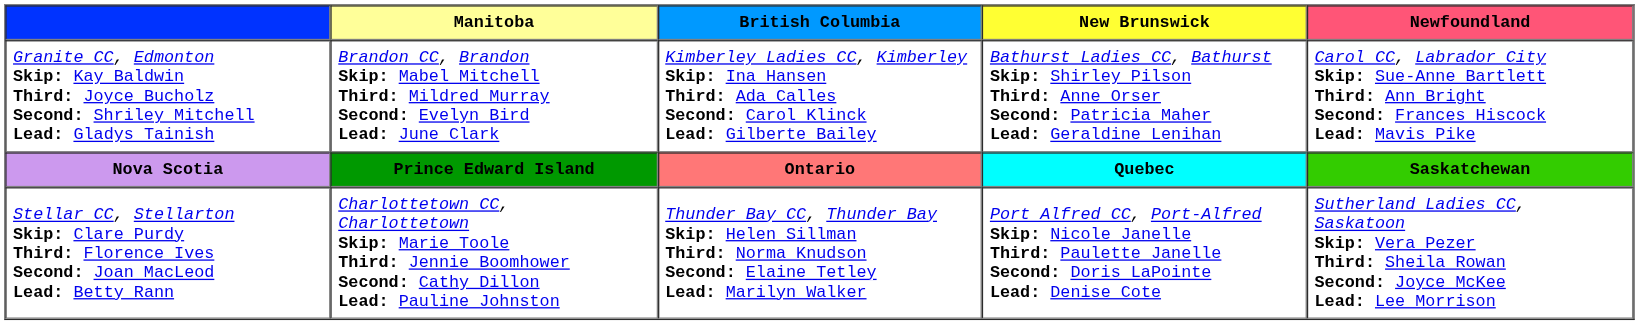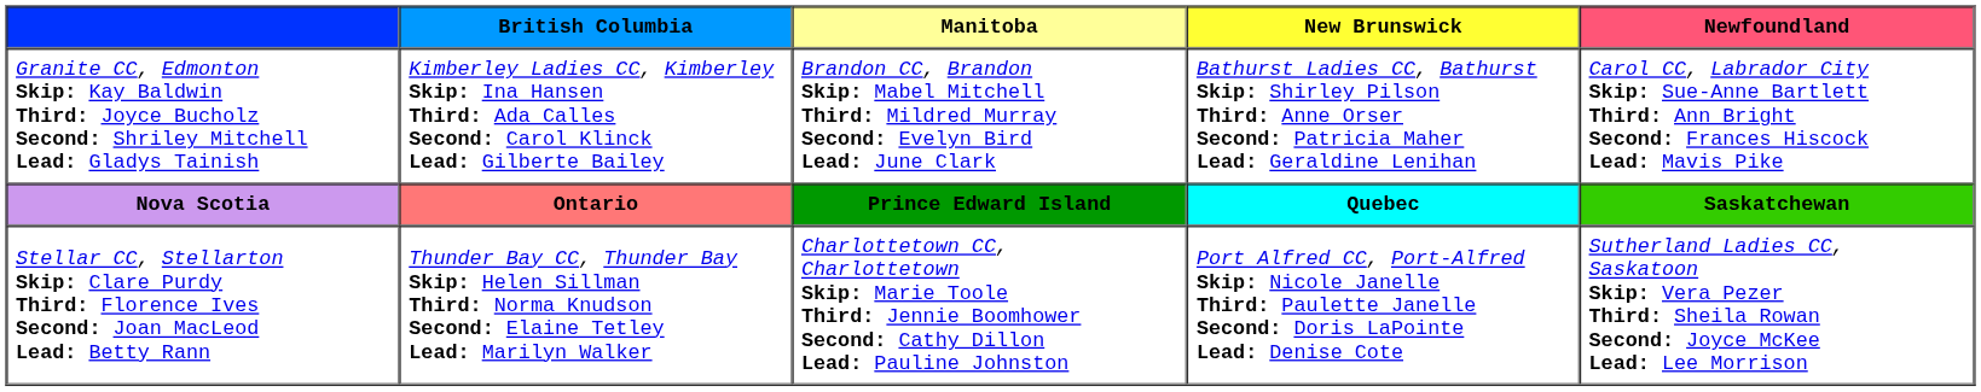 <table border=1 cellpadding=5 cellspacing=0>
 <tr>
 <th bgcolor="#0033ff" width="250"></th>
+<th bgcolor="#0099ff" width="250">British Columbia</th>
 <th bgcolor="#ffff99" width="250">Manitoba</th>
-<th bgcolor="#0099ff" width="250">British Columbia</th>
 <th bgcolor="#ffff33" width="250">New Brunswick</th>
 <th bgcolor="#ff5577" width="250">Newfoundland</th>
 </tr>
 <tr align=center>
 <td align=left><em><a href='#'>Granite CC</a>, <a href='#'>Edmonton</a></em><br><strong>Skip:</strong>  <a href='#'>Kay Baldwin</a><br> <strong>Third:</strong>  <a href='#'>Joyce Bucholz</a> <br> <strong>Second:</strong>  <a href='#'>Shriley Mitchell</a> <br> <strong>Lead:</strong> <a href='#'>Gladys Tainish</a> <br></td>
+<td align=left><em><a href='#'>Kimberley Ladies CC</a>, <a href='#'>Kimberley</a></em><br><strong>Skip:</strong>  <a href='#'>Ina Hansen</a> <br> <strong>Third:</strong> <a href='#'>Ada Calles</a><br> <strong>Second:</strong> <a href='#'>Carol Klinck</a> <br> <strong>Lead:</strong> <a href='#'>Gilberte Bailey</a> <br></td>
 <td align=left><em><a href='#'>Brandon CC</a>, <a href='#'>Brandon</a></em><br><strong>Skip:</strong> <a href='#'>Mabel Mitchell</a> <br> <strong>Third:</strong> <a href='#'>Mildred Murray</a> <br> <strong>Second:</strong> <a href='#'>Evelyn Bird</a> <br> <strong>Lead:</strong> <a href='#'>June Clark</a><br></td>
-<td align=left><em><a href='#'>Kimberley Ladies CC</a>, <a href='#'>Kimberley</a></em><br><strong>Skip:</strong>  <a href='#'>Ina Hansen</a> <br> <strong>Third:</strong> <a href='#'>Ada Calles</a><br> <strong>Second:</strong> <a href='#'>Carol Klinck</a> <br> <strong>Lead:</strong> <a href='#'>Gilberte Bailey</a> <br></td>
 <td align=left><em><a href='#'>Bathurst Ladies CC</a>, <a href='#'>Bathurst</a></em><br><strong>Skip:</strong>  <a href='#'>Shirley Pilson</a> <br> <strong>Third:</strong> <a href='#'>Anne Orser</a><br> <strong>Second:</strong> <a href='#'>Patricia Maher</a> <br> <strong>Lead:</strong> <a href='#'>Geraldine Lenihan</a> <br></td>
 <td align=left><em><a href='#'>Carol CC</a>, <a href='#'>Labrador City</a></em><br><strong>Skip:</strong>  <a href='#'>Sue-Anne Bartlett</a> <br> <strong>Third:</strong> <a href='#'>Ann Bright</a> <br> <strong>Second:</strong> <a href='#'>Frances Hiscock</a> <br> <strong>Lead:</strong> <a href='#'>Mavis Pike</a> <br></td>
 </tr>
 <tr border=1 cellpadding=5 cellspacing=0>
 <th bgcolor="#cc99ee" width="250">Nova Scotia</th>
+<th bgcolor="#ff7777" width="250">Ontario</th>
 <th bgcolor="#009900" width="250">Prince Edward Island</th>
-<th bgcolor="#ff7777" width="250">Ontario</th>
 <th bgcolor="#00ffff" width="250">Quebec</th>
 <th bgcolor="#33cc00" width="250">Saskatchewan</th>
 </tr>
 <tr align=center>
 <td align=left><em><a href='#'>Stellar CC</a>, <a href='#'>Stellarton</a></em><br><strong>Skip:</strong> <a href='#'>Clare Purdy</a> <br> <strong>Third:</strong> <a href='#'>Florence Ives</a> <br> <strong>Second:</strong> <a href='#'>Joan MacLeod</a> <br> <strong>Lead:</strong> <a href='#'>Betty Rann</a><br></td>
+<td align=left><em><a href='#'>Thunder Bay CC</a>, <a href='#'>Thunder Bay</a></em><br><strong>Skip:</strong>  <a href='#'>Helen Sillman</a> <br> <strong>Third:</strong> <a href='#'>Norma Knudson</a><br> <strong>Second:</strong> <a href='#'>Elaine Tetley</a>  <br> <strong>Lead:</strong> <a href='#'>Marilyn Walker</a> <br></td>
 <td align=left><em><a href='#'>Charlottetown CC</a>, <a href='#'>Charlottetown</a></em><br><strong>Skip:</strong>  <a href='#'>Marie Toole</a> <br> <strong>Third:</strong> <a href='#'>Jennie Boomhower</a><br> <strong>Second:</strong> <a href='#'>Cathy Dillon</a> <br> <strong>Lead:</strong> <a href='#'>Pauline Johnston</a> <br></td>
-<td align=left><em><a href='#'>Thunder Bay CC</a>, <a href='#'>Thunder Bay</a></em><br><strong>Skip:</strong>  <a href='#'>Helen Sillman</a> <br> <strong>Third:</strong> <a href='#'>Norma Knudson</a><br> <strong>Second:</strong> <a href='#'>Elaine Tetley</a>  <br> <strong>Lead:</strong> <a href='#'>Marilyn Walker</a> <br></td>
 <td align=left><em><a href='#'>Port Alfred CC</a>, <a href='#'>Port-Alfred</a></em><br><strong>Skip:</strong> <a href='#'>Nicole Janelle</a><br> <strong>Third:</strong> <a href='#'>Paulette Janelle</a><br> <strong>Second:</strong> <a href='#'>Doris LaPointe</a><br> <strong>Lead:</strong> <a href='#'>Denise Cote</a><br></td>
 <td align=left><em><a href='#'>Sutherland Ladies CC</a>, <a href='#'>Saskatoon</a></em><br><strong>Skip:</strong>  <a href='#'>Vera Pezer</a><br> <strong>Third:</strong> <a href='#'>Sheila Rowan</a><br> <strong>Second:</strong> <a href='#'>Joyce McKee</a><br> <strong>Lead:</strong> <a href='#'>Lee Morrison</a><br></td>
 </tr>
 </table>
